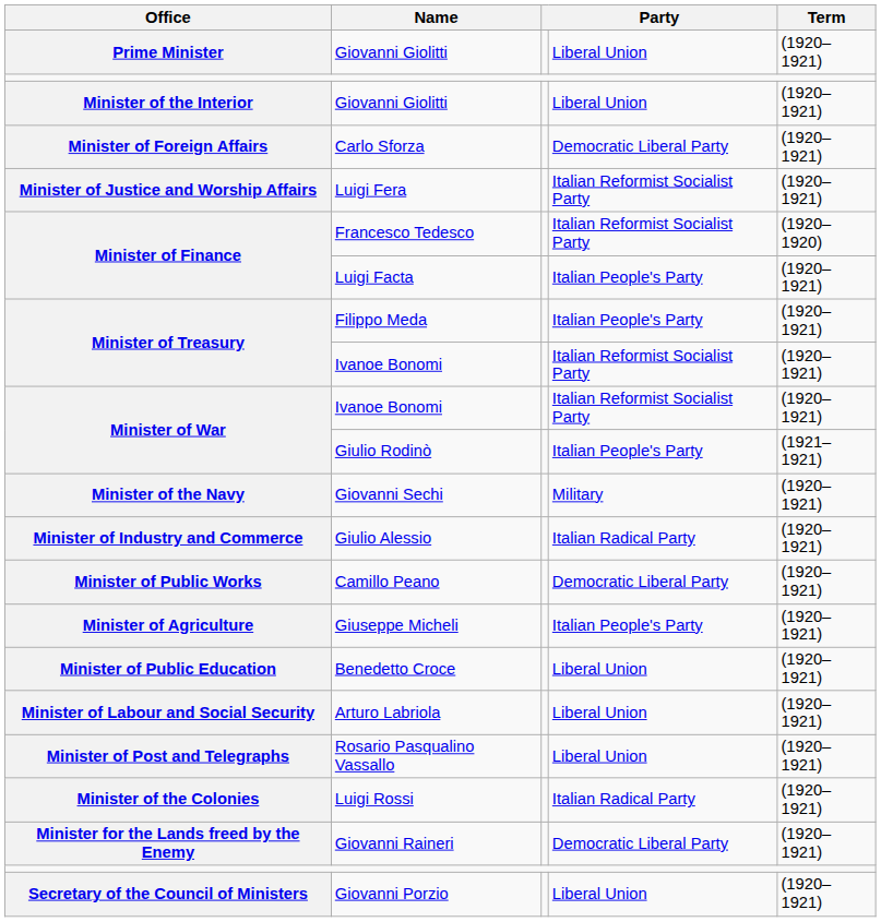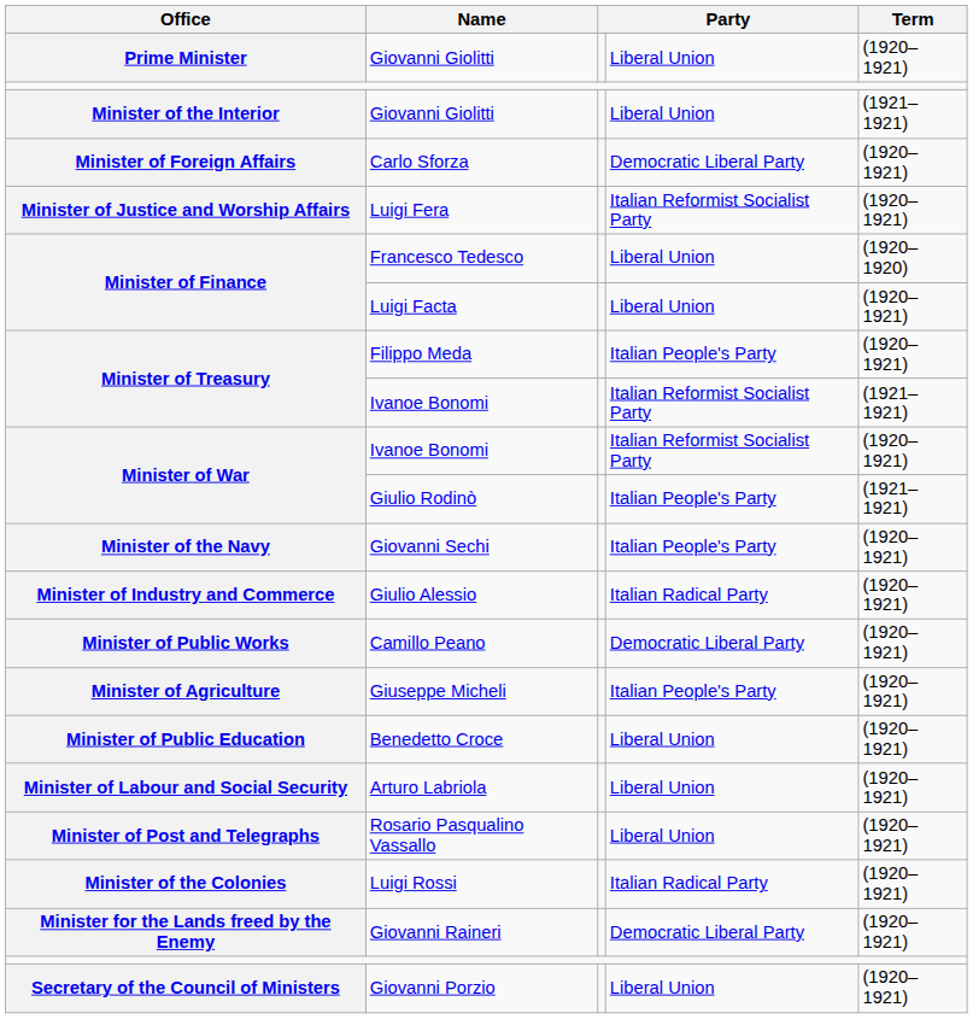 <table class="wikitable" style="font-size: 100%;">
 <tr>
 <th>Office</th>
 <th>Name</th>
 <th colspan=2>Party</th>
 <th>Term</th>
 </tr>
 <tr>
 <th><a href='#'>Prime Minister</a></th>
 <td><a href='#'>Giovanni Giolitti</a></td>
 <td style="color:inherit;background:"></td>
 <td><a href='#'>Liberal Union</a></td>
 <td>(1920–1921)</td>
 </tr>
 <tr>
 <td colspan=6></td>
 </tr>
 <tr>
 <th><a href='#'>Minister of the Interior</a></th>
 <td><a href='#'>Giovanni Giolitti</a></td>
 <td style="color:inherit;background:"></td>
 <td><a href='#'>Liberal Union</a></td>
-<td>(1920–1921)</td>
+<td>(1921–1921)</td>
 </tr>
 <tr>
 <th><a href='#'>Minister of Foreign Affairs</a></th>
 <td><a href='#'>Carlo Sforza</a></td>
 <td style="color:inherit;background:"></td>
 <td><a href='#'>Democratic Liberal Party</a></td>
 <td>(1920–1921)</td>
 </tr>
 <tr>
 <th><a href='#'>Minister of Justice and Worship Affairs</a></th>
 <td><a href='#'>Luigi Fera</a></td>
 <td style="color:inherit;background:"></td>
 <td><a href='#'>Italian Reformist Socialist Party</a></td>
 <td>(1920–1921)</td>
 </tr>
 <tr>
 <th rowspan=2><a href='#'>Minister of Finance</a></th>
 <td><a href='#'>Francesco Tedesco</a></td>
 <td style="color:inherit;background:"></td>
-<td><a href='#'>Italian Reformist Socialist Party</a></td>
+<td><a href='#'>Liberal Union</a></td>
 <td>(1920–1920)</td>
 </tr>
 <tr>
 <td><a href='#'>Luigi Facta</a></td>
 <td style="color:inherit;background:"></td>
-<td><a href='#'>Italian People's Party</a></td>
+<td><a href='#'>Liberal Union</a></td>
 <td>(1920–1921)</td>
 </tr>
 <tr>
 <th rowspan=2><a href='#'>Minister of Treasury</a></th>
 <td><a href='#'>Filippo Meda</a></td>
 <td style="color:inherit;background:"></td>
 <td><a href='#'>Italian People's Party</a></td>
 <td>(1920–1921)</td>
 </tr>
 <tr>
 <td><a href='#'>Ivanoe Bonomi</a></td>
 <td style="color:inherit;background:"></td>
 <td><a href='#'>Italian Reformist Socialist Party</a></td>
-<td>(1920–1921)</td>
+<td>(1921–1921)</td>
 </tr>
 <tr>
 <th rowspan=2><a href='#'>Minister of War</a></th>
 <td><a href='#'>Ivanoe Bonomi</a></td>
 <td style="color:inherit;background:"></td>
 <td><a href='#'>Italian Reformist Socialist Party</a></td>
 <td>(1920–1921)</td>
 </tr>
 <tr>
 <td><a href='#'>Giulio Rodinò</a></td>
 <td style="color:inherit;background:"></td>
 <td><a href='#'>Italian People's Party</a></td>
 <td>(1921–1921)</td>
 </tr>
 <tr>
 <th><a href='#'>Minister of the Navy</a></th>
 <td><a href='#'>Giovanni Sechi</a></td>
 <td style="color:inherit;background:"></td>
-<td><a href='#'>Military</a></td>
+<td><a href='#'>Italian People's Party</a></td>
 <td>(1920–1921)</td>
 </tr>
 <tr>
 <th><a href='#'>Minister of Industry and Commerce</a></th>
 <td><a href='#'>Giulio Alessio</a></td>
 <td style="color:inherit;background:"></td>
 <td><a href='#'>Italian Radical Party</a></td>
 <td>(1920–1921)</td>
 </tr>
 <tr>
 <th><a href='#'>Minister of Public Works</a></th>
 <td><a href='#'>Camillo Peano</a></td>
 <td style="color:inherit;background:"></td>
 <td><a href='#'>Democratic Liberal Party</a></td>
 <td>(1920–1921)</td>
 </tr>
 <tr>
 <th><a href='#'>Minister of Agriculture</a></th>
 <td><a href='#'>Giuseppe Micheli</a></td>
 <td style="color:inherit;background:"></td>
 <td><a href='#'>Italian People's Party</a></td>
 <td>(1920–1921)</td>
 </tr>
 <tr>
 <th><a href='#'>Minister of Public Education</a></th>
 <td><a href='#'>Benedetto Croce</a></td>
 <td style="color:inherit;background:"></td>
 <td><a href='#'>Liberal Union</a></td>
 <td>(1920–1921)</td>
 </tr>
 <tr>
 <th><a href='#'>Minister of Labour and Social Security</a></th>
 <td><a href='#'>Arturo Labriola</a></td>
 <td style="color:inherit;background:"></td>
 <td><a href='#'>Liberal Union</a></td>
 <td>(1920–1921)</td>
 </tr>
 <tr>
 <th><a href='#'>Minister of Post and Telegraphs</a></th>
 <td><a href='#'>Rosario Pasqualino Vassallo</a></td>
 <td style="color:inherit;background:"></td>
 <td><a href='#'>Liberal Union</a></td>
 <td>(1920–1921)</td>
 </tr>
 <tr>
 <th><a href='#'>Minister of the Colonies</a></th>
 <td><a href='#'>Luigi Rossi</a></td>
 <td style="color:inherit;background:"></td>
 <td><a href='#'>Italian Radical Party</a></td>
 <td>(1920–1921)</td>
 </tr>
 <tr>
 <th><a href='#'>Minister for the Lands freed by the Enemy</a></th>
 <td><a href='#'>Giovanni Raineri</a></td>
 <td style="color:inherit;background:"></td>
 <td><a href='#'>Democratic Liberal Party</a></td>
 <td>(1920–1921)</td>
 </tr>
 <tr>
 <td colspan="5"></td>
 </tr>
 <tr>
 <th><a href='#'>Secretary of the Council of Ministers</a></th>
 <td><a href='#'>Giovanni Porzio</a></td>
 <td style="color:inherit;background:"></td>
 <td><a href='#'>Liberal Union</a></td>
 <td>(1920–1921)</td>
 </tr>
 </table>
